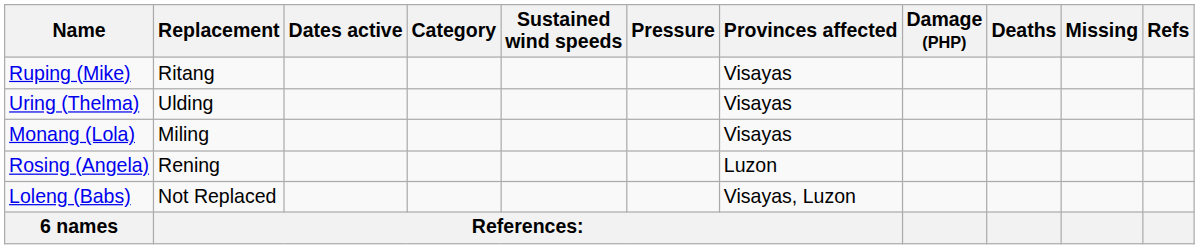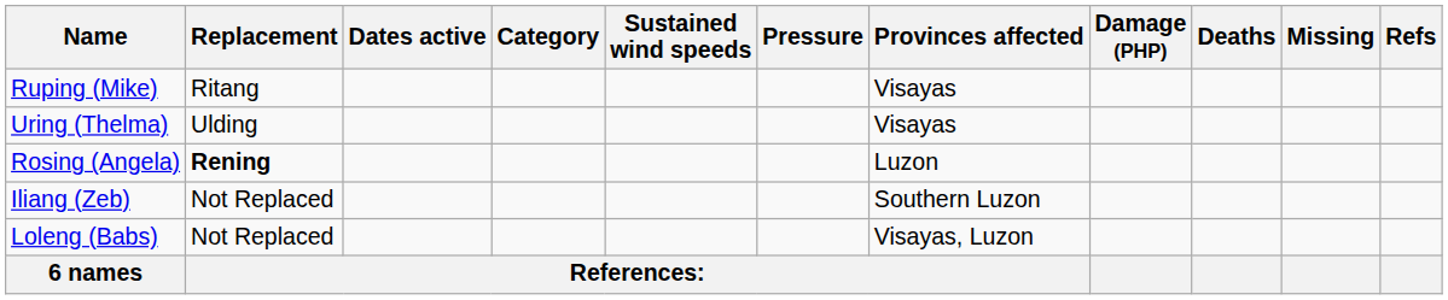 <table class="wikitable sortable">
 <tr>
 <th>Name</th>
 <th>Replacement</th>
 <th>Dates active</th>
 <th>Category</th>
 <th>Sustained <br>wind speeds</th>
 <th>Pressure</th>
 <th class="unsortable">Provinces affected</th>
 <th>Damage<br><small>(PHP)</small></th>
 <th>Deaths</th>
 <th>Missing</th>
 <th class="unsortable">Refs</th>
 </tr>
 <tr>
 <td><a href='#'>Ruping (Mike)</a></td>
 <td>Ritang</td>
 <td></td>
 <td></td>
 <td></td>
 <td></td>
 <td>Visayas</td>
 <td></td>
 <td></td>
 <td></td>
 <td></td>
 </tr>
 <tr>
 <td><a href='#'>Uring (Thelma)</a></td>
 <td>Ulding</td>
 <td></td>
 <td></td>
 <td></td>
 <td></td>
 <td>Visayas</td>
 <td></td>
 <td></td>
 <td></td>
 <td></td>
 </tr>
 <tr>
-<td><a href='#'>Monang (Lola)</a></td>
-<td>Miling</td>
+<td><a href='#'>Rosing (Angela)</a></td>
+<td><strong>Rening</strong></td>
 <td></td>
 <td></td>
 <td></td>
 <td></td>
-<td>Visayas</td>
+<td>Luzon</td>
 <td></td>
 <td></td>
 <td></td>
 <td></td>
 </tr>
 <tr>
-<td><a href='#'>Rosing (Angela)</a></td>
-<td>Rening</td>
+<td><a href='#'>Iliang (Zeb)</a></td>
+<td>Not Replaced</td>
 <td></td>
 <td></td>
 <td></td>
 <td></td>
-<td>Luzon</td>
+<td>Southern Luzon</td>
 <td></td>
 <td></td>
 <td></td>
 <td></td>
 </tr>
 <tr>
 <td><a href='#'>Loleng (Babs)</a></td>
 <td>Not Replaced</td>
 <td></td>
 <td></td>
 <td></td>
 <td></td>
 <td>Visayas, Luzon</td>
 <td></td>
 <td></td>
 <td></td>
 <td></td>
 </tr>
 <tr class="sortbottom">
 <th>6 names</th>
 <th colspan="6">References: </th>
 <th></th>
 <th></th>
 <th></th>
 <th></th>
 </tr>
 </table>
